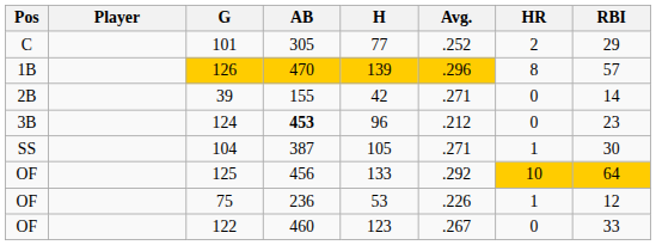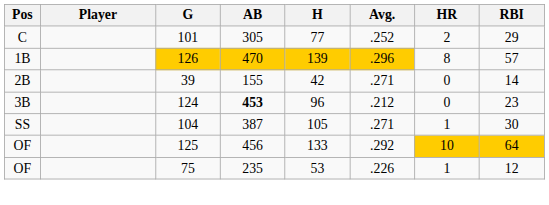 <table class="wikitable sortable">
 <tr>
 <th bgcolor="#DDDDFF" width="5%">Pos</th>
 <th bgcolor="#DDDDFF" width="16%">Player</th>
 <th bgcolor="#DDDDFF" width="9%">G</th>
 <th bgcolor="#DDDDFF" width="9%">AB</th>
 <th bgcolor="#DDDDFF" width="9%">H</th>
 <th bgcolor="#DDDDFF" width="9%">Avg.</th>
 <th bgcolor="#DDDDFF" width="9%">HR</th>
 <th bgcolor="#DDDDFF" width="9%">RBI</th>
 </tr>
 <tr align="center">
 <td>C</td>
 <td></td>
 <td>101</td>
 <td>305</td>
 <td>77</td>
 <td>.252</td>
 <td>2</td>
 <td>29</td>
 </tr>
 <tr align="center">
 <td>1B</td>
 <td></td>
 <td style="background:#fc0;">126</td>
 <td style="background:#fc0;">470</td>
 <td style="background:#fc0;">139</td>
 <td style="background:#fc0;">.296</td>
 <td>8</td>
 <td>57</td>
 </tr>
 <tr align="center">
 <td>2B</td>
 <td></td>
 <td>39</td>
 <td>155</td>
 <td>42</td>
 <td>.271</td>
 <td>0</td>
 <td>14</td>
 </tr>
 <tr align="center">
 <td>3B</td>
 <td></td>
 <td>124</td>
 <td><strong>453</strong></td>
 <td>96</td>
 <td>.212</td>
 <td>0</td>
 <td>23</td>
 </tr>
 <tr align="center">
 <td>SS</td>
 <td></td>
 <td>104</td>
 <td>387</td>
 <td>105</td>
 <td>.271</td>
 <td>1</td>
 <td>30</td>
 </tr>
 <tr align="center">
 <td>OF</td>
 <td></td>
 <td>125</td>
 <td>456</td>
 <td>133</td>
 <td>.292</td>
 <td style="background:#fc0;">10</td>
 <td style="background:#fc0;">64</td>
 </tr>
 <tr align="center">
 <td>OF</td>
 <td></td>
 <td>75</td>
-<td>236</td>
+<td>235</td>
 <td>53</td>
 <td>.226</td>
 <td>1</td>
 <td>12</td>
 </tr>
-<tr align="center">
-<td>OF</td>
-<td></td>
-<td>122</td>
-<td>460</td>
-<td>123</td>
-<td>.267</td>
-<td>0</td>
-<td>33</td>
-</tr>
 </table>
